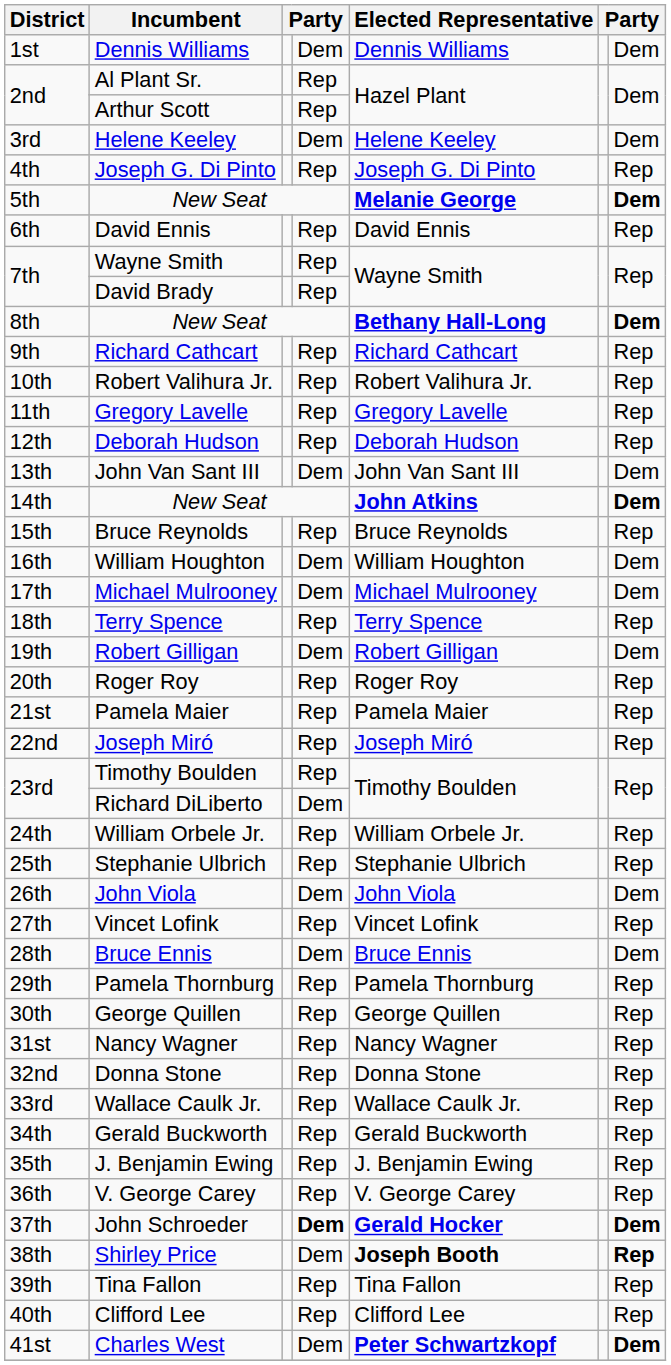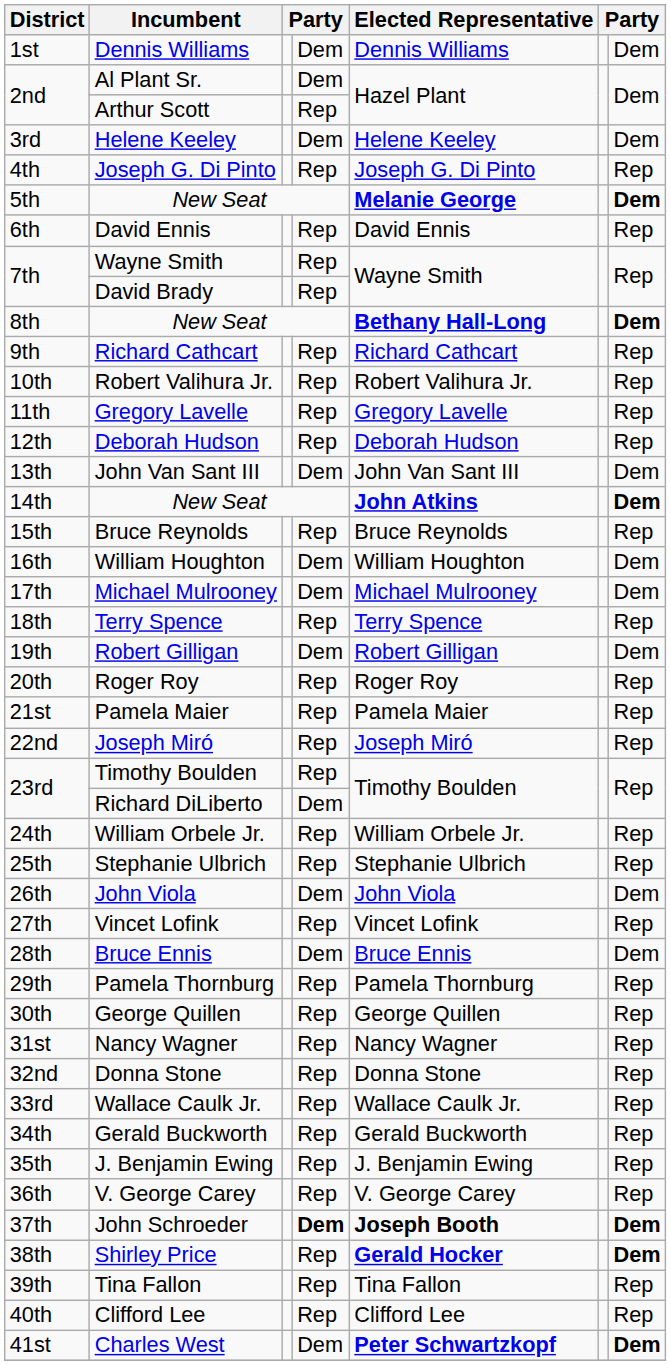 <table class="sortable wikitable" style="font-size:95%;line-height:14px;">
 <tr>
 <th class="sortable">District</th>
 <th class="unsortable">Incumbent</th>
 <th colspan="2">Party</th>
 <th class="unsortable">Elected Representative</th>
 <th colspan="2">Party</th>
 </tr>
 <tr>
 <td>1st</td>
 <td><a href='#'>Dennis Williams</a></td>
 <td style="background:"></td>
 <td>Dem</td>
 <td><a href='#'>Dennis Williams</a></td>
 <td style="background:"></td>
 <td>Dem</td>
 </tr>
 <tr>
 <td rowspan=2>2nd</td>
 <td>Al Plant Sr.</td>
 <td style="background:"></td>
-<td>Rep</td>
+<td>Dem</td>
 <td rowspan=2>Hazel Plant</td>
 <td rowspan=2 style="background:"></td>
 <td rowspan=2>Dem</td>
 </tr>
 <tr>
 <td>Arthur Scott</td>
 <td style="background:"></td>
 <td>Rep</td>
 </tr>
 <tr>
 <td>3rd</td>
 <td><a href='#'>Helene Keeley</a></td>
 <td style="background:"></td>
 <td>Dem</td>
 <td><a href='#'>Helene Keeley</a></td>
 <td style="background:"></td>
 <td>Dem</td>
 </tr>
 <tr>
 <td>4th</td>
 <td><a href='#'>Joseph G. Di Pinto</a></td>
 <td style="background:"></td>
 <td>Rep</td>
 <td><a href='#'>Joseph G. Di Pinto</a></td>
 <td style="background:"></td>
 <td>Rep</td>
 </tr>
 <tr>
 <td>5th</td>
 <td colspan=3 align=center><em>New Seat</em></td>
 <td><strong><a href='#'>Melanie George</a></strong></td>
 <td style="background:"></td>
 <td><strong>Dem</strong></td>
 </tr>
 <tr>
 <td>6th</td>
 <td>David Ennis</td>
 <td style="background:"></td>
 <td>Rep</td>
 <td>David Ennis</td>
 <td style="background:"></td>
 <td>Rep</td>
 </tr>
 <tr>
 <td rowspan=2>7th</td>
 <td>Wayne Smith</td>
 <td style="background:"></td>
 <td>Rep</td>
 <td rowspan=2>Wayne Smith</td>
 <td rowspan=2 style="background:"></td>
 <td rowspan=2>Rep</td>
 </tr>
 <tr>
 <td>David Brady</td>
 <td style="background:"></td>
 <td>Rep</td>
 </tr>
 <tr>
 <td>8th</td>
 <td colspan=3 align=center><em>New Seat</em></td>
 <td><strong><a href='#'>Bethany Hall-Long</a></strong></td>
 <td style="background:"></td>
 <td><strong>Dem</strong></td>
 </tr>
 <tr>
 <td>9th</td>
 <td><a href='#'>Richard Cathcart</a></td>
 <td style="background:"></td>
 <td>Rep</td>
 <td><a href='#'>Richard Cathcart</a></td>
 <td style="background:"></td>
 <td>Rep</td>
 </tr>
 <tr>
 <td>10th</td>
 <td>Robert Valihura Jr.</td>
 <td style="background:"></td>
 <td>Rep</td>
 <td>Robert Valihura Jr.</td>
 <td style="background:"></td>
 <td>Rep</td>
 </tr>
 <tr>
 <td>11th</td>
 <td><a href='#'>Gregory Lavelle</a></td>
 <td style="background:"></td>
 <td>Rep</td>
 <td><a href='#'>Gregory Lavelle</a></td>
 <td style="background:"></td>
 <td>Rep</td>
 </tr>
 <tr>
 <td>12th</td>
 <td><a href='#'>Deborah Hudson</a></td>
 <td style="background:"></td>
 <td>Rep</td>
 <td><a href='#'>Deborah Hudson</a></td>
 <td style="background:"></td>
 <td>Rep</td>
 </tr>
 <tr>
 <td>13th</td>
 <td>John Van Sant III</td>
 <td style="background:"></td>
 <td>Dem</td>
 <td>John Van Sant III</td>
 <td style="background:"></td>
 <td>Dem</td>
 </tr>
 <tr>
 <td>14th</td>
 <td colspan=3 align=center><em>New Seat</em></td>
 <td><strong><a href='#'>John Atkins</a></strong></td>
 <td style="background:"></td>
 <td><strong>Dem</strong></td>
 </tr>
 <tr>
 <td>15th</td>
 <td>Bruce Reynolds</td>
 <td style="background:"></td>
 <td>Rep</td>
 <td>Bruce Reynolds</td>
 <td style="background:"></td>
 <td>Rep</td>
 </tr>
 <tr>
 <td>16th</td>
 <td>William Houghton</td>
 <td style="background:"></td>
 <td>Dem</td>
 <td>William Houghton</td>
 <td style="background:"></td>
 <td>Dem</td>
 </tr>
 <tr>
 <td>17th</td>
 <td><a href='#'>Michael Mulrooney</a></td>
 <td style="background:"></td>
 <td>Dem</td>
 <td><a href='#'>Michael Mulrooney</a></td>
 <td style="background:"></td>
 <td>Dem</td>
 </tr>
 <tr>
 <td>18th</td>
 <td><a href='#'>Terry Spence</a></td>
 <td style="background:"></td>
 <td>Rep</td>
 <td><a href='#'>Terry Spence</a></td>
 <td style="background:"></td>
 <td>Rep</td>
 </tr>
 <tr>
 <td>19th</td>
 <td><a href='#'>Robert Gilligan</a></td>
 <td style="background:"></td>
 <td>Dem</td>
 <td><a href='#'>Robert Gilligan</a></td>
 <td style="background:"></td>
 <td>Dem</td>
 </tr>
 <tr>
 <td>20th</td>
 <td>Roger Roy</td>
 <td style="background:"></td>
 <td>Rep</td>
 <td>Roger Roy</td>
 <td style="background:"></td>
 <td>Rep</td>
 </tr>
 <tr>
 <td>21st</td>
 <td>Pamela Maier</td>
 <td style="background:"></td>
 <td>Rep</td>
 <td>Pamela Maier</td>
 <td style="background:"></td>
 <td>Rep</td>
 </tr>
 <tr>
 <td>22nd</td>
 <td><a href='#'>Joseph Miró</a></td>
 <td style="background:"></td>
 <td>Rep</td>
 <td><a href='#'>Joseph Miró</a></td>
 <td style="background:"></td>
 <td>Rep</td>
 </tr>
 <tr>
 <td rowspan=2>23rd</td>
 <td>Timothy Boulden</td>
 <td style="background:"></td>
 <td>Rep</td>
 <td rowspan=2>Timothy Boulden</td>
 <td rowspan=2 style="background:"></td>
 <td rowspan=2>Rep</td>
 </tr>
 <tr>
 <td>Richard DiLiberto</td>
 <td style="background:"></td>
 <td>Dem</td>
 </tr>
 <tr>
 <td>24th</td>
 <td>William Orbele Jr.</td>
 <td style="background:"></td>
 <td>Rep</td>
 <td>William Orbele Jr.</td>
 <td style="background:"></td>
 <td>Rep</td>
 </tr>
 <tr>
 <td>25th</td>
 <td>Stephanie Ulbrich</td>
 <td style="background:"></td>
 <td>Rep</td>
 <td>Stephanie Ulbrich</td>
 <td style="background:"></td>
 <td>Rep</td>
 </tr>
 <tr>
 <td>26th</td>
 <td><a href='#'>John Viola</a></td>
 <td style="background:"></td>
 <td>Dem</td>
 <td><a href='#'>John Viola</a></td>
 <td style="background:"></td>
 <td>Dem</td>
 </tr>
 <tr>
 <td>27th</td>
 <td>Vincet Lofink</td>
 <td style="background:"></td>
 <td>Rep</td>
 <td>Vincet Lofink</td>
 <td style="background:"></td>
 <td>Rep</td>
 </tr>
 <tr>
 <td>28th</td>
 <td><a href='#'>Bruce Ennis</a></td>
 <td style="background:"></td>
 <td>Dem</td>
 <td><a href='#'>Bruce Ennis</a></td>
 <td style="background:"></td>
 <td>Dem</td>
 </tr>
 <tr>
 <td>29th</td>
 <td>Pamela Thornburg</td>
 <td style="background:"></td>
 <td>Rep</td>
 <td>Pamela Thornburg</td>
 <td style="background:"></td>
 <td>Rep</td>
 </tr>
 <tr>
 <td>30th</td>
 <td>George Quillen</td>
 <td style="background:"></td>
 <td>Rep</td>
 <td>George Quillen</td>
 <td style="background:"></td>
 <td>Rep</td>
 </tr>
 <tr>
 <td>31st</td>
 <td>Nancy Wagner</td>
 <td style="background:"></td>
 <td>Rep</td>
 <td>Nancy Wagner</td>
 <td style="background:"></td>
 <td>Rep</td>
 </tr>
 <tr>
 <td>32nd</td>
 <td>Donna Stone</td>
 <td style="background:"></td>
 <td>Rep</td>
 <td>Donna Stone</td>
 <td style="background:"></td>
 <td>Rep</td>
 </tr>
 <tr>
 <td>33rd</td>
 <td>Wallace Caulk Jr.</td>
 <td style="background:"></td>
 <td>Rep</td>
 <td>Wallace Caulk Jr.</td>
 <td style="background:"></td>
 <td>Rep</td>
 </tr>
 <tr>
 <td>34th</td>
 <td>Gerald Buckworth</td>
 <td style="background:"></td>
 <td>Rep</td>
 <td>Gerald Buckworth</td>
 <td style="background:"></td>
 <td>Rep</td>
 </tr>
 <tr>
 <td>35th</td>
 <td>J. Benjamin Ewing</td>
 <td style="background:"></td>
 <td>Rep</td>
 <td>J. Benjamin Ewing</td>
 <td style="background:"></td>
 <td>Rep</td>
 </tr>
 <tr>
 <td>36th</td>
 <td>V. George Carey</td>
 <td style="background:"></td>
 <td>Rep</td>
 <td>V. George Carey</td>
 <td style="background:"></td>
 <td>Rep</td>
 </tr>
 <tr>
 <td>37th</td>
 <td>John Schroeder</td>
 <td style="background:"></td>
 <td><strong>Dem</strong></td>
-<td><strong><a href='#'>Gerald Hocker</a></strong></td>
+<td><strong>Joseph Booth</strong></td>
 <td style="background:"></td>
 <td><strong>Dem</strong></td>
 </tr>
 <tr>
 <td>38th</td>
 <td><a href='#'>Shirley Price</a></td>
 <td style="background:"></td>
-<td>Dem</td>
-<td><strong>Joseph Booth</strong></td>
+<td>Rep</td>
+<td><strong><a href='#'>Gerald Hocker</a></strong></td>
 <td style="background:"></td>
-<td><strong>Rep</strong></td>
+<td><strong>Dem</strong></td>
 </tr>
 <tr>
 <td>39th</td>
 <td>Tina Fallon</td>
 <td style="background:"></td>
 <td>Rep</td>
 <td>Tina Fallon</td>
 <td style="background:"></td>
 <td>Rep</td>
 </tr>
 <tr>
 <td>40th</td>
 <td>Clifford Lee</td>
 <td style="background:"></td>
 <td>Rep</td>
 <td>Clifford Lee</td>
 <td style="background:"></td>
 <td>Rep</td>
 </tr>
 <tr>
 <td>41st</td>
 <td><a href='#'>Charles West</a></td>
 <td style="background:"></td>
 <td>Dem</td>
 <td><strong><a href='#'>Peter Schwartzkopf</a></strong></td>
 <td style="background:"></td>
 <td><strong>Dem</strong></td>
 </tr>
 <tr>
 </tr>
 </table>
